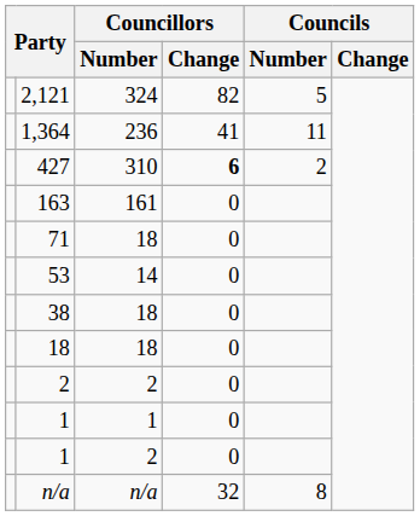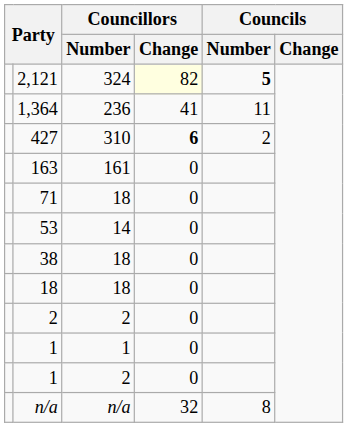 <table class="wikitable" style="text-align:right; font-size:95%;">
 <tr>
 <th colspan="2" rowspan="2">Party</th>
 <th colspan="2">Councillors</th>
 <th colspan="2">Councils</th>
 </tr>
 <tr>
 <th scope="col">Number</th>
 <th scope="col">Change</th>
 <th scope="col">Number</th>
 <th scope="col">Change</th>
 </tr>
 <tr>
 <td></td>
 <td>2,121</td>
 <td>324</td>
-<td>82</td>
-<td>5</td>
+<td style="background: lightyellow;">82</td>
+<td><strong>5</strong></td>
 </tr>
 <tr>
 <td></td>
 <td>1,364</td>
 <td>236</td>
 <td>41</td>
 <td>11</td>
 </tr>
 <tr>
 <td></td>
 <td>427</td>
 <td>310</td>
 <td><strong>6</strong></td>
 <td>2</td>
 </tr>
 <tr>
 <td></td>
 <td>163</td>
 <td>161</td>
 <td>0</td>
 <td></td>
 </tr>
 <tr>
 <td></td>
 <td>71</td>
 <td>18</td>
 <td>0</td>
 <td></td>
 </tr>
 <tr>
 <td></td>
 <td>53</td>
 <td>14</td>
 <td>0</td>
 <td></td>
 </tr>
 <tr>
 <td></td>
 <td>38</td>
 <td>18</td>
 <td>0</td>
 <td></td>
 </tr>
 <tr>
 <td></td>
 <td>18</td>
 <td>18</td>
 <td>0</td>
 <td></td>
 </tr>
 <tr>
 <td></td>
 <td>2</td>
 <td>2</td>
 <td>0</td>
 <td></td>
 </tr>
 <tr>
 <td></td>
 <td>1</td>
 <td>1</td>
 <td>0</td>
 <td></td>
 </tr>
 <tr>
 <td></td>
 <td>1</td>
 <td>2</td>
 <td>0</td>
 <td></td>
 </tr>
 <tr>
 <td></td>
 <td><em>n/a</em></td>
 <td><em>n/a</em></td>
 <td>32</td>
 <td>8</td>
 </tr>
 </table>
